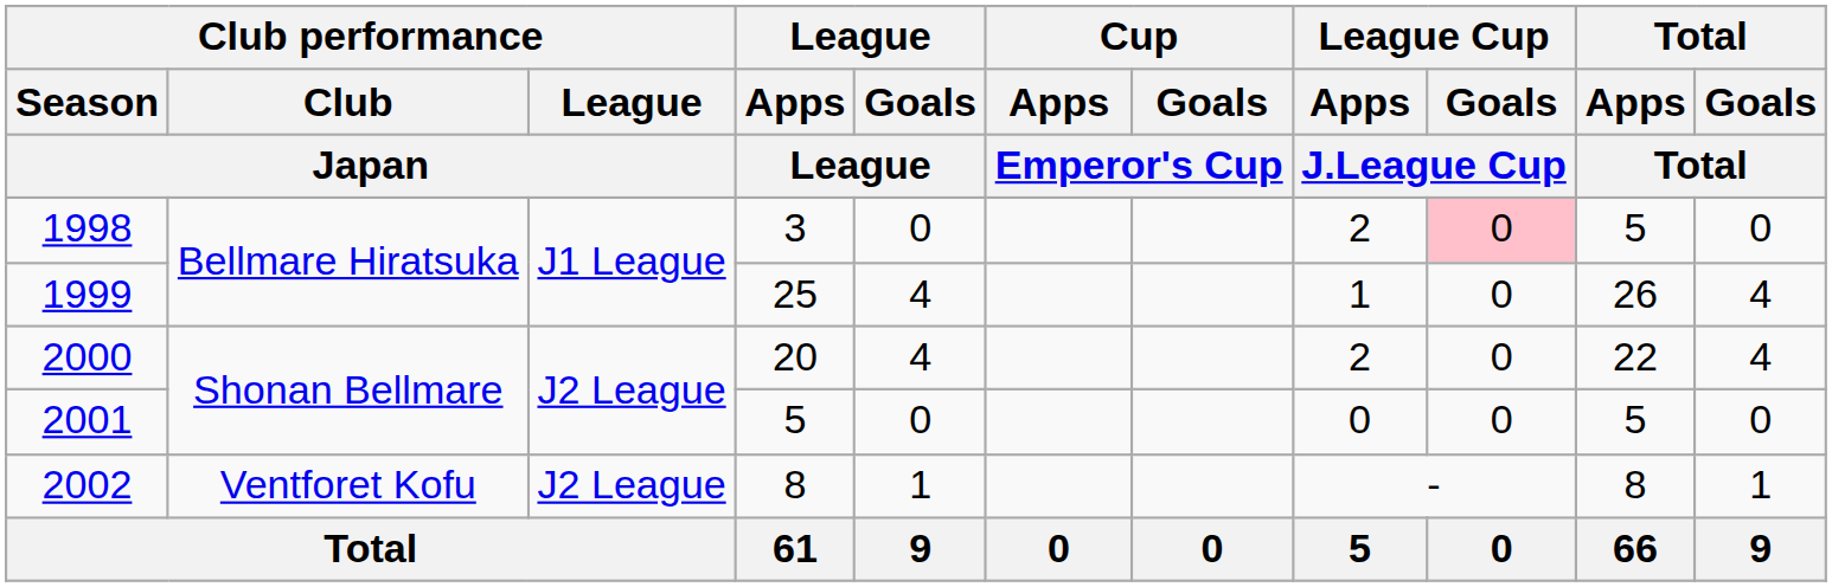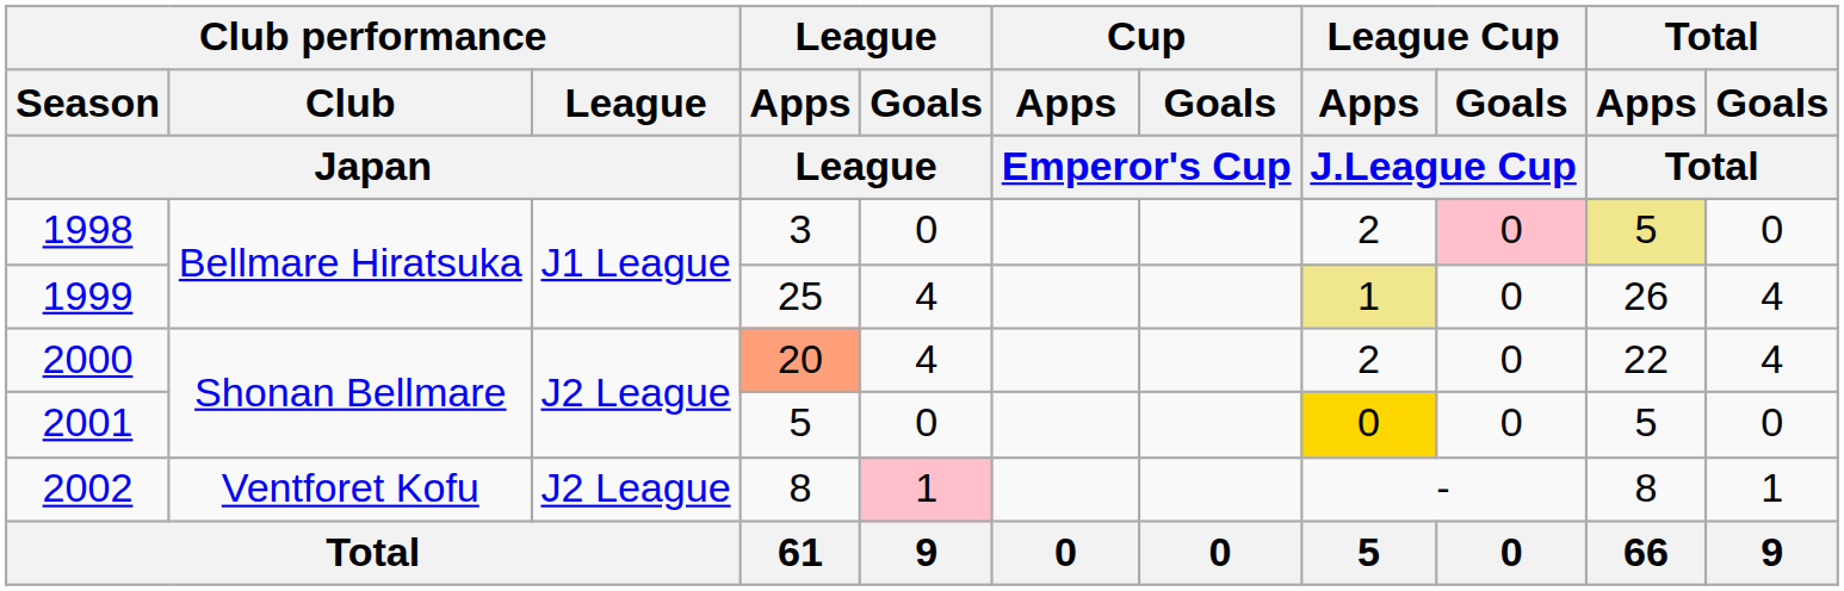 <table class="wikitable" style="text-align:center;">
 <tr>
 <th colspan=3>Club performance</th>
 <th colspan=2>League</th>
 <th colspan=2>Cup</th>
 <th colspan=2>League Cup</th>
 <th colspan=2>Total</th>
 </tr>
 <tr>
 <th>Season</th>
 <th>Club</th>
 <th>League</th>
 <th>Apps</th>
 <th>Goals</th>
 <th>Apps</th>
 <th>Goals</th>
 <th>Apps</th>
 <th>Goals</th>
 <th>Apps</th>
 <th>Goals</th>
 </tr>
 <tr>
 <th colspan=3>Japan</th>
 <th colspan=2>League</th>
 <th colspan=2><a href='#'>Emperor's Cup</a></th>
 <th colspan=2><a href='#'>J.League Cup</a></th>
 <th colspan=2>Total</th>
 </tr>
 <tr>
 <td><a href='#'>1998</a></td>
 <td rowspan="2"><a href='#'>Bellmare Hiratsuka</a></td>
 <td rowspan="2"><a href='#'>J1 League</a></td>
 <td>3</td>
 <td>0</td>
 <td></td>
 <td></td>
 <td>2</td>
 <td style="background: pink;">0</td>
-<td>5</td>
+<td style="background: khaki;">5</td>
 <td>0</td>
 </tr>
 <tr>
 <td><a href='#'>1999</a></td>
 <td>25</td>
 <td>4</td>
 <td></td>
 <td></td>
-<td>1</td>
+<td style="background: khaki;">1</td>
 <td>0</td>
 <td>26</td>
 <td>4</td>
 </tr>
 <tr>
 <td><a href='#'>2000</a></td>
 <td rowspan="2"><a href='#'>Shonan Bellmare</a></td>
 <td rowspan="2"><a href='#'>J2 League</a></td>
-<td>20</td>
+<td style="background: lightsalmon;">20</td>
 <td>4</td>
 <td></td>
 <td></td>
 <td>2</td>
 <td>0</td>
 <td>22</td>
 <td>4</td>
 </tr>
 <tr>
 <td><a href='#'>2001</a></td>
 <td>5</td>
 <td>0</td>
 <td></td>
 <td></td>
-<td>0</td>
+<td style="background: gold;">0</td>
 <td>0</td>
 <td>5</td>
 <td>0</td>
 </tr>
 <tr>
 <td><a href='#'>2002</a></td>
 <td><a href='#'>Ventforet Kofu</a></td>
 <td><a href='#'>J2 League</a></td>
 <td>8</td>
-<td>1</td>
+<td style="background: pink;">1</td>
 <td></td>
 <td></td>
 <td colspan="2">-</td>
 <td>8</td>
 <td>1</td>
 </tr>
 <tr>
 <th colspan=3>Total</th>
 <th>61</th>
 <th>9</th>
 <th>0</th>
 <th>0</th>
 <th>5</th>
 <th>0</th>
 <th>66</th>
 <th>9</th>
 </tr>
 </table>
